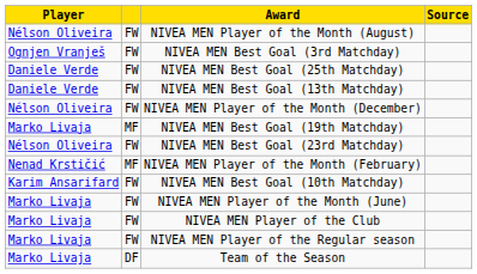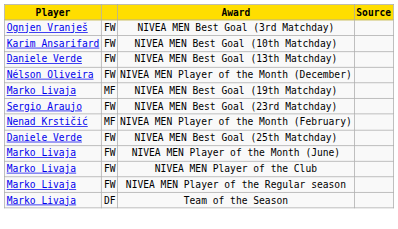 <table class="wikitable">
 <tr>
 <th style="background:#FFDE00">Player</th>
 <th style="background:#FFDE00"></th>
 <th style="background:#FFDE00">Award</th>
 <th style="background:#FFDE00">Source</th>
 </tr>
 <tr>
-<td> <a href='#'>Nélson Oliveira</a></td>
-<td align="center">FW</td>
-<td align="center">NIVEA MEN Player of the Month (August)</td>
-<td align="center"></td>
-</tr>
-<tr>
 <td> <a href='#'>Ognjen Vranješ</a></td>
 <td align="center">FW</td>
 <td align="center">NIVEA MEN Best Goal (3rd Matchday)</td>
 <td align="center"></td>
 </tr>
 <tr>
-<td> <a href='#'>Daniele Verde</a></td>
+<td> <a href='#'>Karim Ansarifard</a></td>
 <td align="center">FW</td>
-<td align="center">NIVEA MEN Best Goal (25th Matchday)</td>
+<td align="center">NIVEA MEN Best Goal (10th Matchday)</td>
 <td align="center"></td>
 </tr>
 <tr>
 <td> <a href='#'>Daniele Verde</a></td>
 <td align="center">FW</td>
 <td align="center">NIVEA MEN Best Goal (13th Matchday)</td>
 <td align="center"></td>
 </tr>
 <tr>
 <td> <a href='#'>Nélson Oliveira</a></td>
 <td align="center">FW</td>
 <td align="center">NIVEA MEN Player of the Month (December)</td>
 <td align="center"></td>
 </tr>
 <tr>
 <td> <a href='#'>Marko Livaja</a></td>
 <td align="center">MF</td>
 <td align="center">NIVEA MEN Best Goal (19th Matchday)</td>
 <td align="center"></td>
 </tr>
 <tr>
-<td> <a href='#'>Nélson Oliveira</a></td>
+<td> <a href='#'>Sergio Araujo</a></td>
 <td align="center">FW</td>
 <td align="center">NIVEA MEN Best Goal (23rd Matchday)</td>
 <td align="center"></td>
 </tr>
 <tr>
 <td> <a href='#'>Nenad Krstičić</a></td>
 <td align="center">MF</td>
 <td align="center">NIVEA MEN Player of the Month (February)</td>
 <td align="center"></td>
 </tr>
 <tr>
-<td> <a href='#'>Karim Ansarifard</a></td>
+<td> <a href='#'>Daniele Verde</a></td>
 <td align="center">FW</td>
-<td align="center">NIVEA MEN Best Goal (10th Matchday)</td>
+<td align="center">NIVEA MEN Best Goal (25th Matchday)</td>
 <td align="center"></td>
 </tr>
 <tr>
 <td> <a href='#'>Marko Livaja</a></td>
 <td align="center">FW</td>
 <td align="center">NIVEA MEN Player of the Month (June)</td>
 <td align="center"></td>
 </tr>
 <tr>
 <td> <a href='#'>Marko Livaja</a></td>
 <td align="center">FW</td>
 <td align="center">NIVEA MEN Player of the Club</td>
 <td align="center"></td>
 </tr>
 <tr>
 <td> <a href='#'>Marko Livaja</a></td>
 <td align="center">FW</td>
 <td align="center">NIVEA MEN Player of the Regular season</td>
 <td align="center"></td>
 </tr>
 <tr>
 <td> <a href='#'>Marko Livaja</a></td>
 <td align="center">DF</td>
 <td align="center">Team of the Season</td>
 <td align="center"></td>
 </tr>
 </table>
